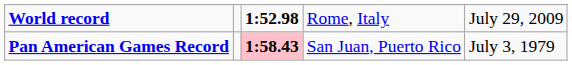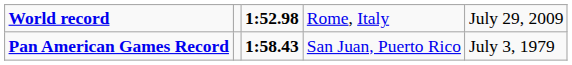 <table class="wikitable">
 <tr>
 <td><strong><a href='#'>World record</a></strong></td>
 <td></td>
 <td><strong>1:52.98</strong></td>
 <td><a href='#'>Rome</a>, <a href='#'>Italy</a></td>
 <td>July 29, 2009</td>
 </tr>
 <tr>
 <td><strong><a href='#'>Pan American Games Record</a></strong></td>
 <td></td>
-<td style="background: pink;"><strong>1:58.43</strong></td>
+<td><strong>1:58.43</strong></td>
 <td><a href='#'>San Juan, Puerto Rico</a></td>
 <td>July 3, 1979</td>
 </tr>
 </table>
